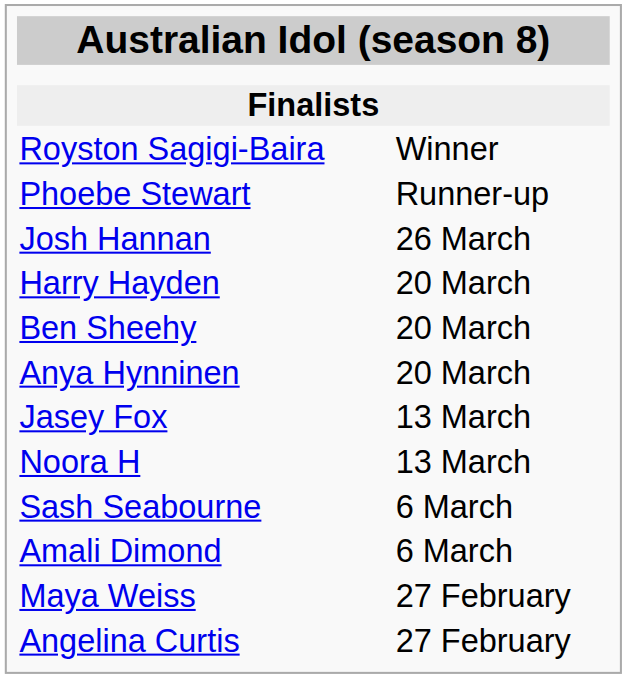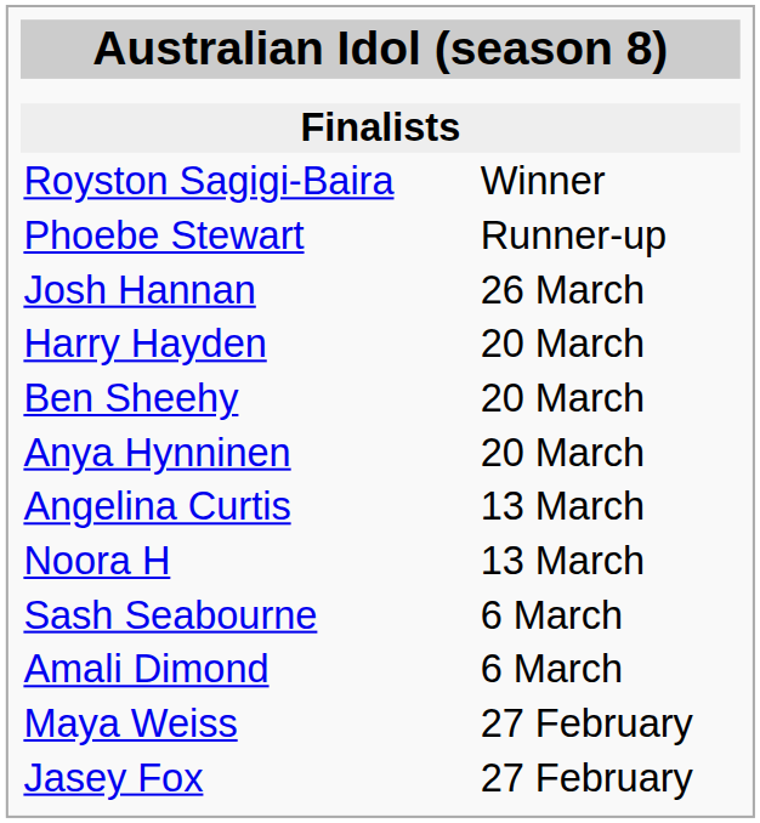 <table class=infobox style=width:19em>
 <tr>
 <td colspan=2 style="background:#cccccc; text-align:center"><big><strong>Australian Idol (season 8)</strong></big></td>
 </tr>
 <tr>
 <td colspan=2 align="center"></td>
 </tr>
 <tr>
 <td colspan=2 align="center"></td>
 </tr>
 <tr>
 <td colspan=2 style="background:#eeeeee; text-align:center"><strong>Finalists</strong><br></td>
 </tr>
 <tr>
 <td><a href='#'>Royston Sagigi-Baira</a></td>
 <td>Winner</td>
 </tr>
 <tr>
 <td><a href='#'>Phoebe Stewart</a></td>
 <td>Runner-up</td>
 </tr>
 <tr>
 <td><a href='#'>Josh Hannan</a></td>
 <td>26 March</td>
 </tr>
 <tr>
 <td><a href='#'>Harry Hayden</a></td>
 <td>20 March</td>
 </tr>
 <tr>
 <td><a href='#'>Ben Sheehy</a></td>
 <td>20 March</td>
 </tr>
 <tr>
 <td><a href='#'>Anya Hynninen</a></td>
 <td>20 March</td>
 </tr>
 <tr>
-<td><a href='#'>Jasey Fox</a></td>
+<td><a href='#'>Angelina Curtis</a></td>
 <td>13 March</td>
 </tr>
 <tr>
 <td><a href='#'>Noora H</a></td>
 <td>13 March</td>
 </tr>
 <tr>
 <td><a href='#'>Sash Seabourne</a></td>
 <td>6 March</td>
 </tr>
 <tr>
 <td><a href='#'>Amali Dimond</a></td>
 <td>6 March</td>
 </tr>
 <tr>
 <td><a href='#'>Maya Weiss</a></td>
 <td>27 February</td>
 </tr>
 <tr>
-<td><a href='#'>Angelina Curtis</a></td>
+<td><a href='#'>Jasey Fox</a></td>
 <td>27 February</td>
 </tr>
 </table>
